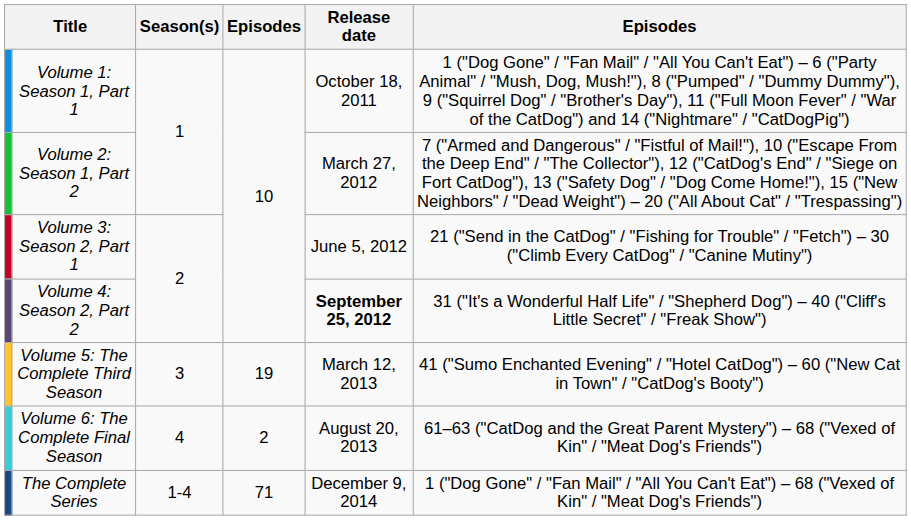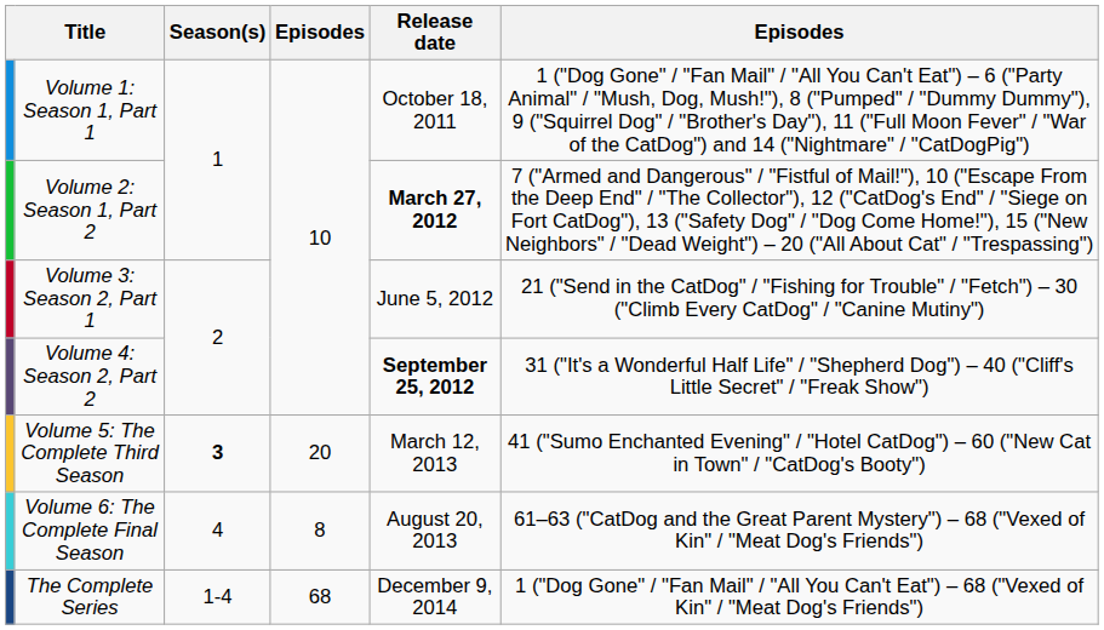 <table class="wikitable" style="text-align: center;">
 <tr>
 <th colspan=2>Title</th>
 <th>Season(s)</th>
 <th>Episodes</th>
 <th>Release date</th>
 <th>Episodes</th>
 </tr>
 <tr>
 <td style="background:#0e8ede"></td>
 <td><em>Volume 1: Season 1, Part 1</em></td>
 <td rowspan=2>1</td>
 <td rowspan=4>10</td>
 <td>October 18, 2011</td>
 <td>1 ("Dog Gone" / "Fan Mail" / "All You Can't Eat") – 6 ("Party Animal" / "Mush, Dog, Mush!"), 8 ("Pumped" / "Dummy Dummy"), 9 ("Squirrel Dog" / "Brother's Day"), 11 ("Full Moon Fever" / "War of the CatDog") and 14 ("Nightmare" / "CatDogPig")</td>
 </tr>
 <tr>
 <td style="background:#14c036"></td>
 <td><em>Volume 2: Season 1, Part 2</em></td>
-<td>March 27, 2012</td>
+<td><strong>March 27, 2012</strong></td>
 <td>7 ("Armed and Dangerous" / "Fistful of Mail!"), 10 ("Escape From the Deep End" / "The Collector"), 12 ("CatDog's End" / "Siege on Fort CatDog"), 13 ("Safety Dog" / "Dog Come Home!"), 15 ("New Neighbors" / "Dead Weight") – 20 ("All About Cat" / "Trespassing")</td>
 </tr>
 <tr>
 <td style="background:#bf0028"></td>
 <td><em>Volume 3: Season 2, Part 1</em></td>
 <td rowspan=2>2</td>
 <td>June 5, 2012</td>
 <td>21 ("Send in the CatDog" / "Fishing for Trouble" / "Fetch") – 30 ("Climb Every CatDog" / "Canine Mutiny")</td>
 </tr>
 <tr>
 <td style="background:#584774"></td>
 <td><em>Volume 4: Season 2, Part 2</em></td>
 <td><strong>September 25, 2012</strong></td>
 <td>31 ("It's a Wonderful Half Life" / "Shepherd Dog") – 40 ("Cliff's Little Secret" / "Freak Show")</td>
 </tr>
 <tr>
 <td style="background:#fcc52d"></td>
 <td><em>Volume 5: The Complete Third Season</em></td>
-<td>3</td>
-<td>19</td>
+<td><strong>3</strong></td>
+<td>20</td>
 <td>March 12, 2013</td>
 <td>41 ("Sumo Enchanted Evening" / "Hotel CatDog") – 60 ("New Cat in Town" / "CatDog's Booty")</td>
 </tr>
 <tr>
 <td style="background:#37ced7"></td>
 <td><em>Volume 6: The Complete Final Season</em></td>
 <td>4</td>
-<td>2</td>
+<td>8</td>
 <td>August 20, 2013</td>
 <td>61–63 ("CatDog and the Great Parent Mystery") – 68 ("Vexed of Kin" / "Meat Dog's Friends")</td>
 </tr>
 <tr>
 <td style="background:#1a4683"></td>
 <td><em>The Complete Series</em></td>
 <td>1-4</td>
-<td>71</td>
+<td>68</td>
 <td>December 9, 2014</td>
 <td>1 ("Dog Gone" / "Fan Mail" / "All You Can't Eat") – 68 ("Vexed of Kin" / "Meat Dog's Friends")</td>
 </tr>
 </table>
